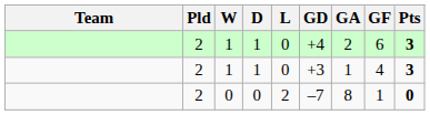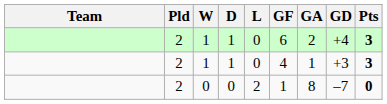 <table class="wikitable" style="text-align:center;">
 <tr>
 <th width=165>Team</th>
 <th width=20>Pld</th>
 <th width=20>W</th>
 <th width=20>D</th>
 <th width=20>L</th>
+<th width=20>GF</th>
+<th width=20>GA</th>
 <th Width=20>GD</th>
-<th width=20>GA</th>
-<th width=20>GF</th>
 <th width=20>Pts</th>
 </tr>
 <tr align=center style="background:#ccffcc;">
 <td style="text-align:left;"></td>
 <td>2</td>
 <td>1</td>
 <td>1</td>
 <td>0</td>
+<td>6</td>
+<td>2</td>
 <td>+4</td>
-<td>2</td>
-<td>6</td>
 <td><strong>3</strong></td>
 </tr>
 <tr align=center>
 <td style="text-align:left;"></td>
 <td>2</td>
 <td>1</td>
 <td>1</td>
 <td>0</td>
+<td>4</td>
+<td>1</td>
 <td>+3</td>
-<td>1</td>
-<td>4</td>
 <td><strong>3</strong></td>
 </tr>
 <tr align=center>
 <td style="text-align:left;"></td>
 <td>2</td>
 <td>0</td>
 <td>0</td>
 <td>2</td>
+<td>1</td>
+<td>8</td>
 <td>–7</td>
-<td>8</td>
-<td>1</td>
 <td><strong>0</strong></td>
 </tr>
 </table>
